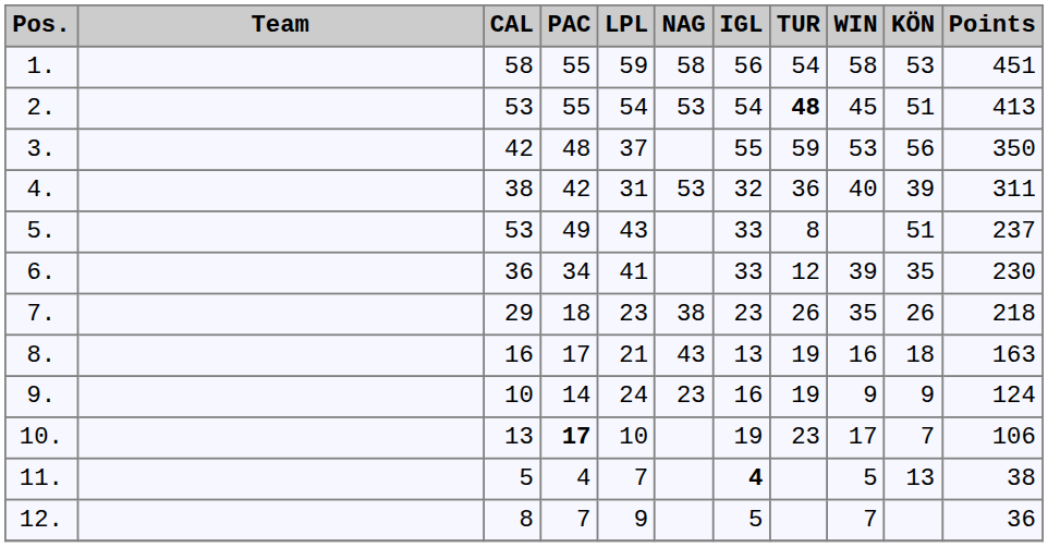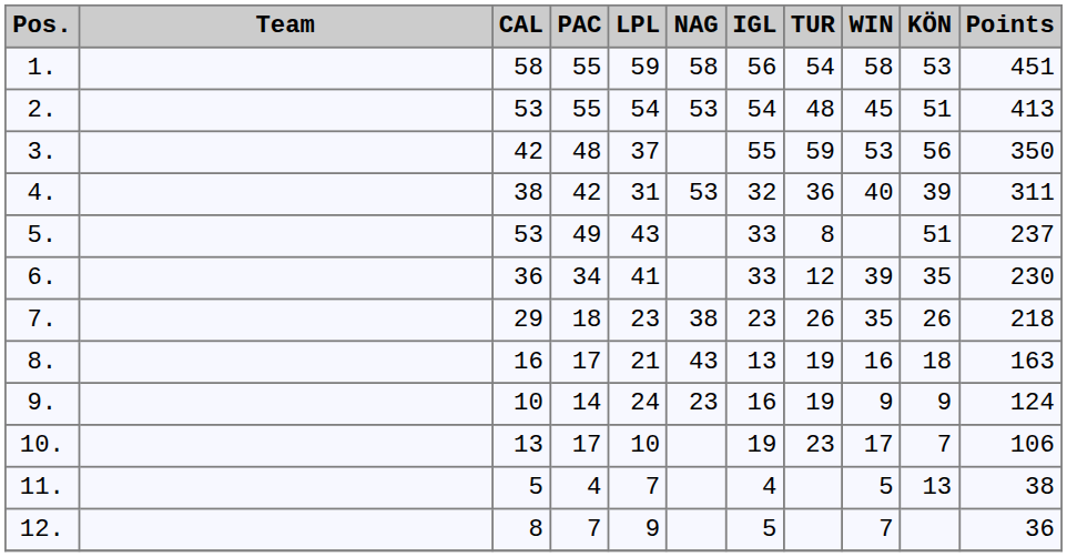 <table bgcolor="#f7f8ff" cellpadding="3" cellspacing="0" border="1" style="font-size: 95%; border: gray solid 1px; border-collapse: collapse;">
 <tr bgcolor="#CCCCCC">
 <td align="center" width="10"><strong>Pos.</strong></td>
 <td align="center" width="200"><strong>Team</strong></td>
 <td align="center" width="20"><strong>CAL</strong></td>
 <td align="center" width="20"><strong>PAC</strong></td>
 <td align="center" width="20"><strong>LPL</strong></td>
 <td align="center" width="20"><strong>NAG</strong></td>
 <td align="center" width="20"><strong>IGL</strong></td>
 <td align="center" width="20"><strong>TUR</strong></td>
 <td align="center" width="20"><strong>WIN</strong></td>
 <td align="center" width="20"><strong>KÖN</strong></td>
 <td align="center" width="20"><strong>Points</strong></td>
 </tr>
 <tr align="left">
 <td align="center">1.</td>
 <td></td>
 <td align="right">58</td>
 <td align="right">55</td>
 <td align="right">59</td>
 <td align="right">58</td>
 <td align="right">56</td>
 <td align="right">54</td>
 <td align="right">58</td>
 <td align="right">53</td>
 <td align="right">451</td>
 </tr>
 <tr align="left">
 <td align="center">2.</td>
 <td></td>
 <td align="right">53</td>
 <td align="right">55</td>
 <td align="right">54</td>
 <td align="right">53</td>
 <td align="right">54</td>
-<td align="right"><strong>48</strong></td>
+<td align="right">48</td>
 <td align="right">45</td>
 <td align="right">51</td>
 <td align="right">413</td>
 </tr>
 <tr align="left">
 <td align="center">3.</td>
 <td></td>
 <td align="right">42</td>
 <td align="right">48</td>
 <td align="right">37</td>
 <td align="right"></td>
 <td align="right">55</td>
 <td align="right">59</td>
 <td align="right">53</td>
 <td align="right">56</td>
 <td align="right">350</td>
 </tr>
 <tr align="left">
 <td align="center">4.</td>
 <td></td>
 <td align="right">38</td>
 <td align="right">42</td>
 <td align="right">31</td>
 <td align="right">53</td>
 <td align="right">32</td>
 <td align="right">36</td>
 <td align="right">40</td>
 <td align="right">39</td>
 <td align="right">311</td>
 </tr>
 <tr align="left">
 <td align="center">5.</td>
 <td></td>
 <td align="right">53</td>
 <td align="right">49</td>
 <td align="right">43</td>
 <td align="right"></td>
 <td align="right">33</td>
 <td align="right">8</td>
 <td align="right"></td>
 <td align="right">51</td>
 <td align="right">237</td>
 </tr>
 <tr align="left">
 <td align="center">6.</td>
 <td></td>
 <td align="right">36</td>
 <td align="right">34</td>
 <td align="right">41</td>
 <td align="right"></td>
 <td align="right">33</td>
 <td align="right">12</td>
 <td align="right">39</td>
 <td align="right">35</td>
 <td align="right">230</td>
 </tr>
 <tr align="left">
 <td align="center">7.</td>
 <td></td>
 <td align="right">29</td>
 <td align="right">18</td>
 <td align="right">23</td>
 <td align="right">38</td>
 <td align="right">23</td>
 <td align="right">26</td>
 <td align="right">35</td>
 <td align="right">26</td>
 <td align="right">218</td>
 </tr>
 <tr align="left">
 <td align="center">8.</td>
 <td></td>
 <td align="right">16</td>
 <td align="right">17</td>
 <td align="right">21</td>
 <td align="right">43</td>
 <td align="right">13</td>
 <td align="right">19</td>
 <td align="right">16</td>
 <td align="right">18</td>
 <td align="right">163</td>
 </tr>
 <tr align="left">
 <td align="center">9.</td>
 <td></td>
 <td align="right">10</td>
 <td align="right">14</td>
 <td align="right">24</td>
 <td align="right">23</td>
 <td align="right">16</td>
 <td align="right">19</td>
 <td align="right">9</td>
 <td align="right">9</td>
 <td align="right">124</td>
 </tr>
 <tr align="left">
 <td align="center">10.</td>
 <td></td>
 <td align="right">13</td>
-<td align="right"><strong>17</strong></td>
+<td align="right">17</td>
 <td align="right">10</td>
 <td align="right"></td>
 <td align="right">19</td>
 <td align="right">23</td>
 <td align="right">17</td>
 <td align="right">7</td>
 <td align="right">106</td>
 </tr>
 <tr align="left">
 <td align="center">11.</td>
 <td></td>
 <td align="right">5</td>
 <td align="right">4</td>
 <td align="right">7</td>
 <td align="right"></td>
-<td align="right"><strong>4</strong></td>
+<td align="right">4</td>
 <td align="right"></td>
 <td align="right">5</td>
 <td align="right">13</td>
 <td align="right">38</td>
 </tr>
 <tr align="left">
 <td align="center">12.</td>
 <td></td>
 <td align="right">8</td>
 <td align="right">7</td>
 <td align="right">9</td>
 <td align="right"></td>
 <td align="right">5</td>
 <td align="right"></td>
 <td align="right">7</td>
 <td align="right"></td>
 <td align="right">36</td>
 </tr>
 <tr>
 </tr>
 </table>
